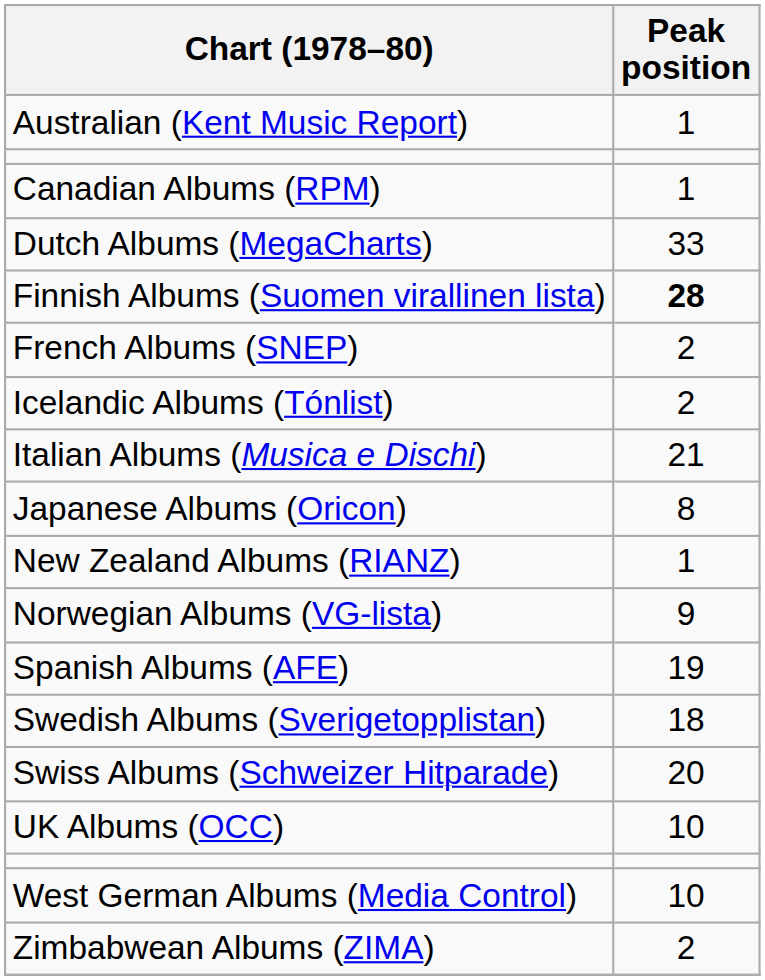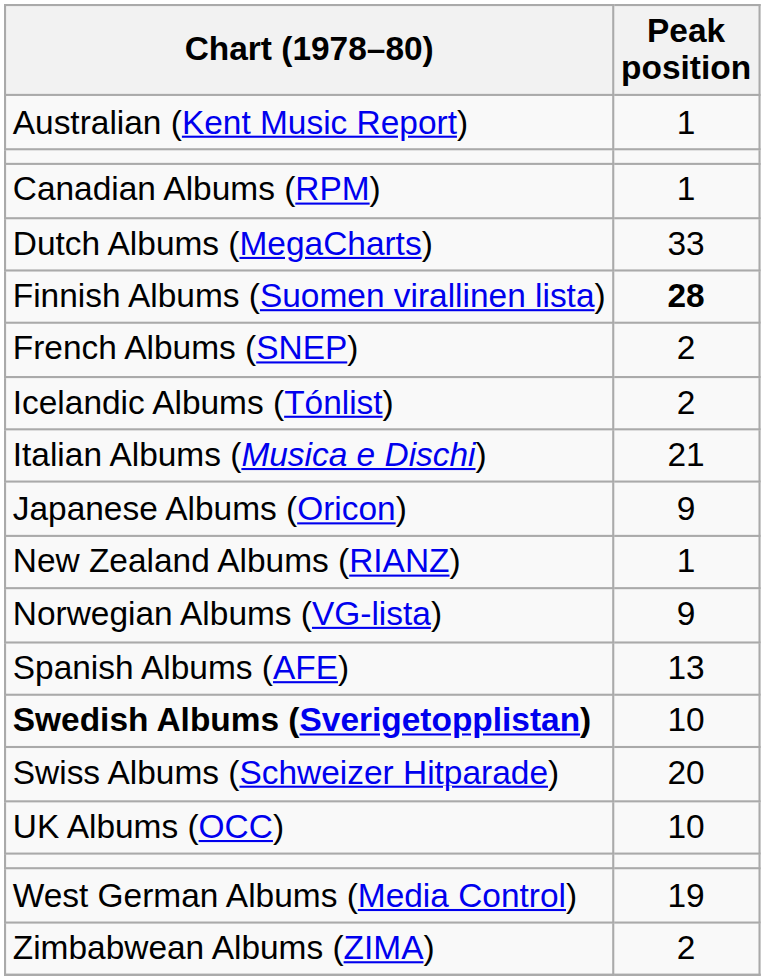 <table class="wikitable sortable plainrowheaders" style="text-align:left;">
 <tr>
 <th scope="col">Chart (1978–80)</th>
 <th scope="col">Peak<br> position</th>
 </tr>
 <tr>
 <td align="left">Australian (<a href='#'>Kent Music Report</a>)</td>
 <td align="center">1</td>
 </tr>
 <tr>
 <td></td>
 </tr>
 <tr>
 <td align="left">Canadian Albums (<a href='#'>RPM</a>)</td>
 <td align="center">1</td>
 </tr>
 <tr>
 <td align="left">Dutch Albums (<a href='#'>MegaCharts</a>)</td>
 <td align="center">33</td>
 </tr>
 <tr>
 <td align="left">Finnish Albums (<a href='#'>Suomen virallinen lista</a>)</td>
 <td align="center"><strong>28</strong></td>
 </tr>
 <tr>
 <td align="left">French Albums (<a href='#'>SNEP</a>)</td>
 <td align="center">2</td>
 </tr>
 <tr>
 <td align="left">Icelandic Albums (<a href='#'>Tónlist</a>)</td>
 <td align="center">2</td>
 </tr>
 <tr>
 <td align="left">Italian Albums (<em><a href='#'>Musica e Dischi</a></em>)</td>
 <td align="center">21</td>
 </tr>
 <tr>
 <td align="left">Japanese Albums (<a href='#'>Oricon</a>)</td>
-<td align="center">8</td>
+<td align="center">9</td>
 </tr>
 <tr>
 <td align="left">New Zealand Albums (<a href='#'>RIANZ</a>)</td>
 <td align="center">1</td>
 </tr>
 <tr>
 <td align="left">Norwegian Albums (<a href='#'>VG-lista</a>)</td>
 <td align="center">9</td>
 </tr>
 <tr>
 <td align="left">Spanish Albums (<a href='#'>AFE</a>)</td>
-<td align="center">19</td>
+<td align="center">13</td>
 </tr>
 <tr>
-<td align="left">Swedish Albums (<a href='#'>Sverigetopplistan</a>)</td>
-<td align="center">18</td>
+<td align="left"><strong>Swedish Albums (<a href='#'>Sverigetopplistan</a>)</strong></td>
+<td align="center">10</td>
 </tr>
 <tr>
 <td align="left">Swiss Albums (<a href='#'>Schweizer Hitparade</a>)</td>
 <td align="center">20</td>
 </tr>
 <tr>
 <td align="left">UK Albums (<a href='#'>OCC</a>)</td>
 <td align="center">10</td>
 </tr>
 <tr>
 <td></td>
 </tr>
 <tr>
 <td align="left">West German Albums (<a href='#'>Media Control</a>)</td>
-<td align="center">10</td>
+<td align="center">19</td>
 </tr>
 <tr>
 <td align="left">Zimbabwean Albums (<a href='#'>ZIMA</a>)</td>
 <td align="center">2</td>
 </tr>
 <tr>
 </tr>
 </table>
